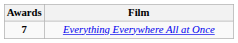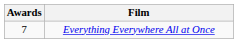 <table class="wikitable" rowspan=2 border=2 style="text-align:center;">
 <tr>
 <th scope="col" width="50">Awards</th>
 <th scope="col" width="275">Film</th>
 </tr>
 <tr>
-<td><strong>7</strong></td>
+<td>7</td>
 <td><em><a href='#'>Everything Everywhere All at Once</a></em></td>
 </tr>
 </table>
